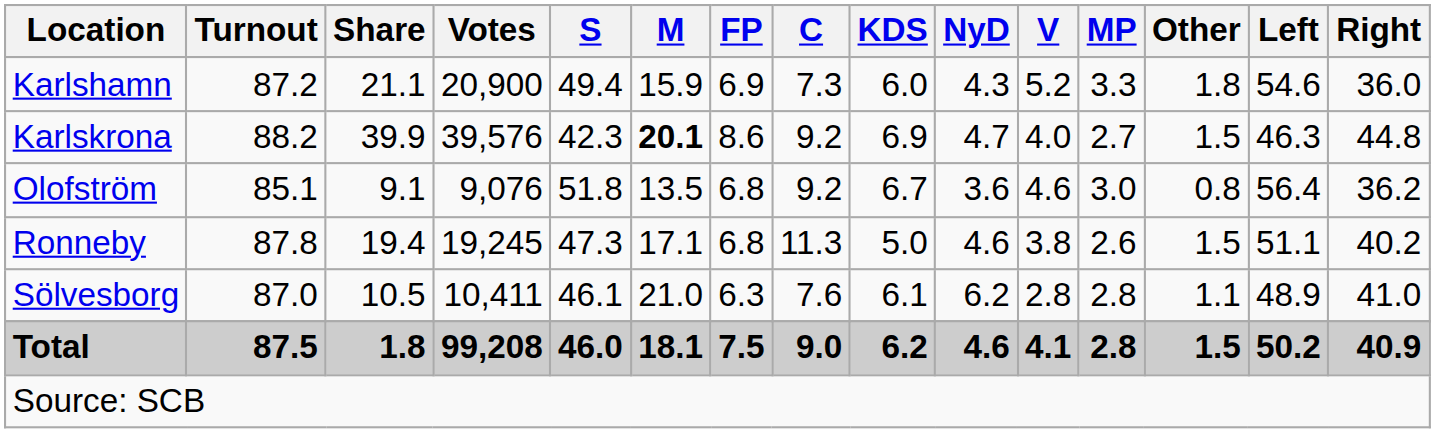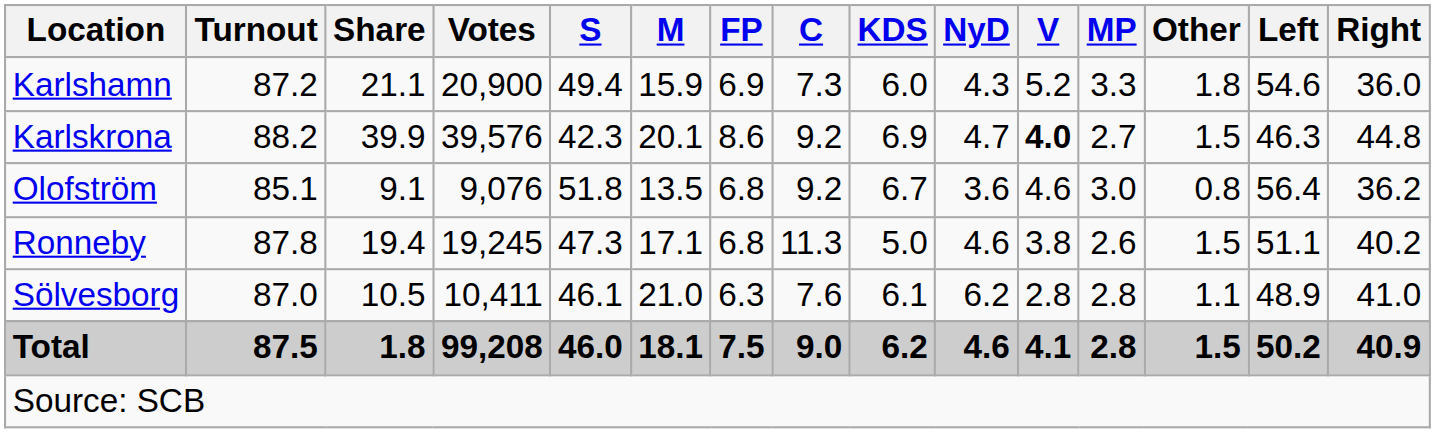 <table class="wikitable sortable" style=text-align:right>
 <tr>
 <th>Location</th>
 <th>Turnout</th>
 <th>Share</th>
 <th>Votes</th>
 <th><a href='#'>S</a></th>
 <th><a href='#'>M</a></th>
 <th><a href='#'>FP</a></th>
 <th><a href='#'>C</a></th>
 <th><a href='#'>KDS</a></th>
 <th><a href='#'>NyD</a></th>
 <th><a href='#'>V</a></th>
 <th><a href='#'>MP</a></th>
 <th>Other</th>
 <th>Left</th>
 <th>Right</th>
 </tr>
 <tr>
 <td align=left><a href='#'>Karlshamn</a></td>
 <td>87.2</td>
 <td>21.1</td>
 <td>20,900</td>
 <td>49.4</td>
 <td>15.9</td>
 <td>6.9</td>
 <td>7.3</td>
 <td>6.0</td>
 <td>4.3</td>
 <td>5.2</td>
 <td>3.3</td>
 <td>1.8</td>
 <td>54.6</td>
 <td>36.0</td>
 </tr>
 <tr>
 <td align=left><a href='#'>Karlskrona</a></td>
 <td>88.2</td>
 <td>39.9</td>
 <td>39,576</td>
 <td>42.3</td>
-<td><strong>20.1</strong></td>
+<td>20.1</td>
 <td>8.6</td>
 <td>9.2</td>
 <td>6.9</td>
 <td>4.7</td>
-<td>4.0</td>
+<td><strong>4.0</strong></td>
 <td>2.7</td>
 <td>1.5</td>
 <td>46.3</td>
 <td>44.8</td>
 </tr>
 <tr>
 <td align=left><a href='#'>Olofström</a></td>
 <td>85.1</td>
 <td>9.1</td>
 <td>9,076</td>
 <td>51.8</td>
 <td>13.5</td>
 <td>6.8</td>
 <td>9.2</td>
 <td>6.7</td>
 <td>3.6</td>
 <td>4.6</td>
 <td>3.0</td>
 <td>0.8</td>
 <td>56.4</td>
 <td>36.2</td>
 </tr>
 <tr>
 <td align=left><a href='#'>Ronneby</a></td>
 <td>87.8</td>
 <td>19.4</td>
 <td>19,245</td>
 <td>47.3</td>
 <td>17.1</td>
 <td>6.8</td>
 <td>11.3</td>
 <td>5.0</td>
 <td>4.6</td>
 <td>3.8</td>
 <td>2.6</td>
 <td>1.5</td>
 <td>51.1</td>
 <td>40.2</td>
 </tr>
 <tr>
 <td align=left><a href='#'>Sölvesborg</a></td>
 <td>87.0</td>
 <td>10.5</td>
 <td>10,411</td>
 <td>46.1</td>
 <td>21.0</td>
 <td>6.3</td>
 <td>7.6</td>
 <td>6.1</td>
 <td>6.2</td>
 <td>2.8</td>
 <td>2.8</td>
 <td>1.1</td>
 <td>48.9</td>
 <td>41.0</td>
 </tr>
 <tr>
 </tr>
 <tr style="background:#CDCDCD;">
 <td align=left><strong>Total</strong></td>
 <td><strong>87.5</strong></td>
 <td><strong>1.8</strong></td>
 <td><strong>99,208</strong></td>
 <td><strong>46.0</strong></td>
 <td><strong>18.1</strong></td>
 <td><strong>7.5</strong></td>
 <td><strong>9.0</strong></td>
 <td><strong>6.2</strong></td>
 <td><strong>4.6</strong></td>
 <td><strong>4.1</strong></td>
 <td><strong>2.8</strong></td>
 <td><strong>1.5</strong></td>
 <td><strong>50.2</strong></td>
 <td><strong>40.9</strong></td>
 </tr>
 <tr>
 <td align=left colspan=15>Source: SCB </td>
 </tr>
 </table>
